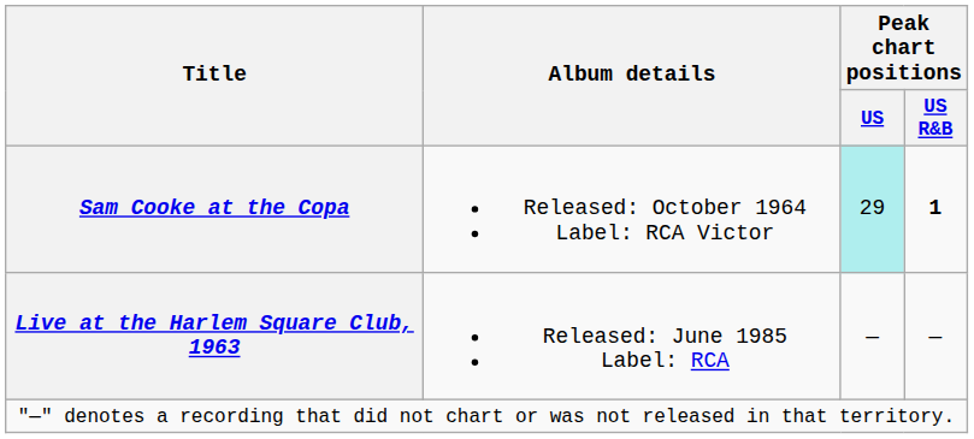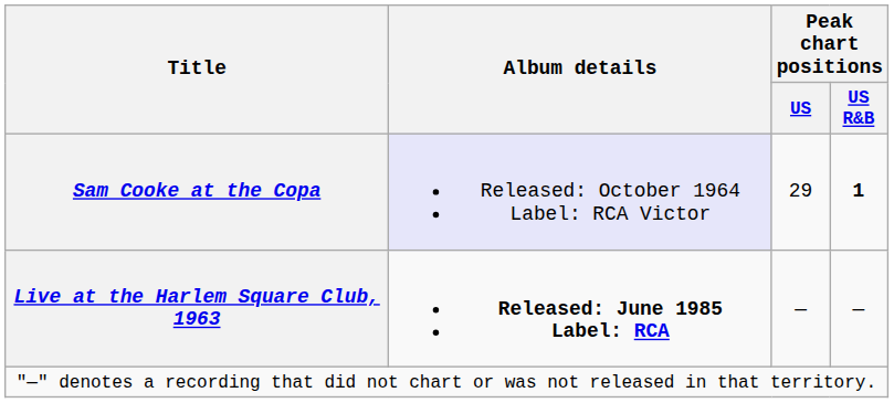 <table class="wikitable plainrowheaders" style="text-align:center;">
 <tr>
 <th scope="col" rowspan="2" style="width:19em;">Title</th>
 <th scope="col" rowspan="2" style="width:19em;">Album details</th>
 <th scope="col" colspan="2">Peak chart positions</th>
 </tr>
 <tr>
 <th scope="col" style="width:2.6em;font-size:90%;"><a href='#'>US</a><br></th>
 <th scope="col" style="width:2.6em;font-size:90%;"><a href='#'>US R&B</a><br></th>
 </tr>
 <tr>
 <th scope="row"><em><a href='#'>Sam Cooke at the Copa</a></em></th>
-<td><br><ul><li>Released: October 1964</li><li>Label: RCA Victor</li></ul></td>
-<td style="background: paleturquoise;">29</td>
+<td style="background: lavender;"><br><ul><li>Released: October 1964</li><li>Label: RCA Victor</li></ul></td>
+<td>29</td>
 <td><strong>1</strong></td>
 </tr>
 <tr>
 <th scope="row"><em><a href='#'>Live at the Harlem Square Club, 1963</a></em></th>
-<td><br><ul><li>Released: June 1985</li><li>Label: <a href='#'>RCA</a></li></ul></td>
+<td><strong><br><ul><li>Released: June 1985</li><li>Label: <a href='#'>RCA</a></li></ul></strong></td>
 <td>—</td>
 <td>—</td>
 </tr>
 <tr>
 <td colspan="13" style="font-size:90%">"—" denotes a recording that did not chart or was not released in that territory.</td>
 </tr>
 </table>
